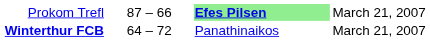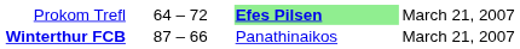 <table style="text-align:center">
 <tr>
 <th width=160></th>
 <th width=100></th>
 <th width=160></th>
 <th width=200></th>
 </tr>
 <tr>
 <td align=right><a href='#'>Prokom Trefl</a> </td>
-<td>87 – 66</td>
+<td>64 – 72</td>
 <td align=left style="background: lightgreen;"> <strong><a href='#'>Efes Pilsen</a></strong></td>
 <td align=left>March 21, 2007</td>
 </tr>
 <tr>
 <td align=right><strong><a href='#'>Winterthur FCB</a></strong> </td>
-<td>64 – 72</td>
+<td>87 – 66</td>
 <td align=left> <a href='#'>Panathinaikos</a></td>
 <td align=left>March 21, 2007</td>
 </tr>
 </table>
